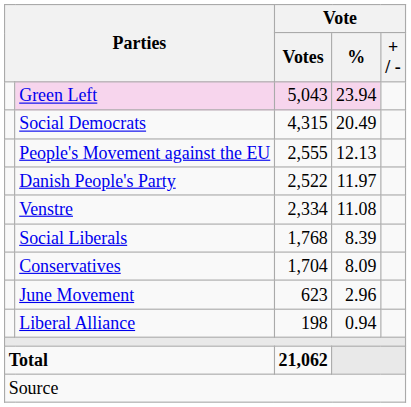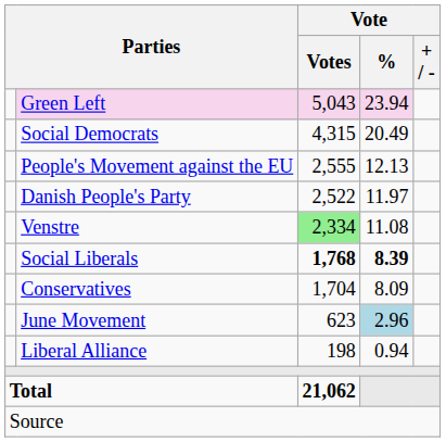 <table class="wikitable" style="text-align:right;">
 <tr>
 <th style="text-align:centre;" rowspan="2" colspan="2" width="225">Parties</th>
 <th colspan="3">Vote</th>
 </tr>
 <tr>
 <th width="15">Votes</th>
 <th width="15">%</th>
 <th width="15">+ / -</th>
 </tr>
 <tr>
 <td width="2" style="color:inherit;background:"></td>
 <td bgcolor=#f7d5ed   align="left"><a href='#'>Green Left</a></td>
 <td bgcolor=#f7d5ed>5,043</td>
 <td bgcolor=#f7d5ed>23.94</td>
 <td></td>
 </tr>
 <tr>
 <td width="2" style="color:inherit;background:"></td>
 <td align="left"><a href='#'>Social Democrats</a></td>
 <td>4,315</td>
 <td>20.49</td>
 <td></td>
 </tr>
 <tr>
 <td width="2" style="color:inherit;background:"></td>
 <td align="left"><a href='#'>People's Movement against the EU</a></td>
 <td>2,555</td>
 <td>12.13</td>
 <td></td>
 </tr>
 <tr>
 <td width="2" style="color:inherit;background:"></td>
 <td align="left"><a href='#'>Danish People's Party</a></td>
 <td>2,522</td>
 <td>11.97</td>
 <td></td>
 </tr>
 <tr>
 <td width="2" style="color:inherit;background:"></td>
 <td align="left"><a href='#'>Venstre</a></td>
-<td>2,334</td>
+<td style="background: lightgreen;">2,334</td>
 <td>11.08</td>
 <td></td>
 </tr>
 <tr>
 <td width="2" style="color:inherit;background:"></td>
 <td align="left"><a href='#'>Social Liberals</a></td>
-<td>1,768</td>
-<td>8.39</td>
+<td><strong>1,768</strong></td>
+<td><strong>8.39</strong></td>
 <td></td>
 </tr>
 <tr>
 <td width="2" style="color:inherit;background:"></td>
 <td align="left"><a href='#'>Conservatives</a></td>
 <td>1,704</td>
 <td>8.09</td>
 <td></td>
 </tr>
 <tr>
 <td width="2" style="color:inherit;background:"></td>
 <td align="left"><a href='#'>June Movement</a></td>
 <td>623</td>
-<td>2.96</td>
+<td style="background: lightblue;">2.96</td>
 <td></td>
 </tr>
 <tr>
 <td width="2" style="color:inherit;background:"></td>
 <td align="left"><a href='#'>Liberal Alliance</a></td>
 <td>198</td>
 <td>0.94</td>
 <td></td>
 </tr>
 <tr>
 <td colspan="7" bgcolor="#E9E9E9"></td>
 </tr>
 <tr>
 <td align="left" colspan="2"><strong>Total</strong></td>
 <td><strong>21,062</strong></td>
 <td bgcolor="#E9E9E9" colspan="2"></td>
 </tr>
 <tr>
 <td align="left" colspan="6">Source</td>
 </tr>
 </table>
